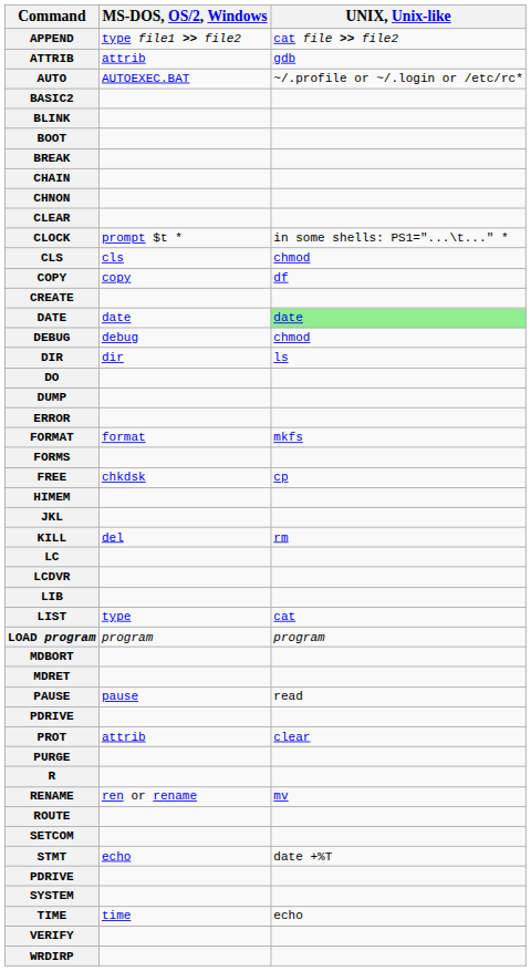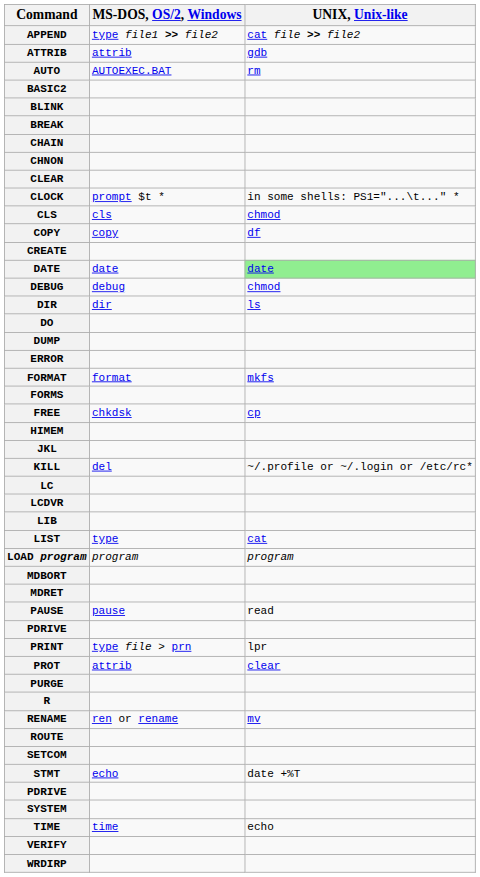 <table class="wikitable">
 <tr>
 <th>Command</th>
 <th>MS-DOS, <a href='#'>OS/2</a>, <a href='#'>Windows</a></th>
 <th>UNIX, <a href='#'>Unix-like</a></th>
 </tr>
 <tr style="font-family:monospace;">
 <th>APPEND</th>
 <td><a href='#'>type</a> <em>file1</em> <strong>>></strong> <em>file2</em></td>
 <td><a href='#'>cat</a> <em>file</em> <strong>>></strong> <em>file2</em></td>
 </tr>
 <tr style="font-family:monospace;">
 <th>ATTRIB</th>
 <td><a href='#'>attrib</a></td>
 <td><a href='#'>gdb</a></td>
 </tr>
 <tr style="font-family:monospace;">
 <th>AUTO</th>
 <td><a href='#'>AUTOEXEC.BAT</a></td>
-<td>~/.profile or ~/.login or /etc/rc*</td>
+<td><a href='#'>rm</a></td>
 </tr>
 <tr style="font-family:monospace;">
 <th>BASIC2</th>
 <td></td>
 <td></td>
 </tr>
 <tr style="font-family:monospace;">
 <th>BLINK</th>
-<td></td>
-<td></td>
-</tr>
-<tr style="font-family:monospace;">
-<th>BOOT</th>
 <td></td>
 <td></td>
 </tr>
 <tr style="font-family:monospace;">
 <th>BREAK</th>
 <td></td>
 <td></td>
 </tr>
 <tr style="font-family:monospace;">
 <th>CHAIN</th>
 <td></td>
 <td></td>
 </tr>
 <tr style="font-family:monospace;">
 <th>CHNON</th>
 <td></td>
 <td></td>
 </tr>
 <tr style="font-family:monospace;">
 <th>CLEAR</th>
 <td></td>
 <td></td>
 </tr>
 <tr style="font-family:monospace;">
 <th>CLOCK</th>
 <td><a href='#'>prompt</a> $t *</td>
 <td>in some shells: PS1="...\t..." *</td>
 </tr>
 <tr style="font-family:monospace;">
 <th>CLS</th>
 <td><a href='#'>cls</a></td>
 <td><a href='#'>chmod</a></td>
 </tr>
 <tr style="font-family:monospace;">
 <th>COPY</th>
 <td><a href='#'>copy</a></td>
 <td><a href='#'>df</a></td>
 </tr>
 <tr style="font-family:monospace;">
 <th>CREATE</th>
 <td></td>
 <td></td>
 </tr>
 <tr style="font-family:monospace;">
 <th>DATE</th>
 <td><a href='#'>date</a></td>
 <td style="background: lightgreen;"><a href='#'>date</a></td>
 </tr>
 <tr style="font-family:monospace;">
 <th>DEBUG</th>
 <td><a href='#'>debug</a></td>
 <td><a href='#'>chmod</a></td>
 </tr>
 <tr style="font-family:monospace;">
 <th>DIR</th>
 <td><a href='#'>dir</a></td>
 <td><a href='#'>ls</a></td>
 </tr>
 <tr style="font-family:monospace;">
 <th>DO</th>
 <td></td>
 <td></td>
 </tr>
 <tr style="font-family:monospace;">
 <th>DUMP</th>
 <td></td>
 <td></td>
 </tr>
 <tr style="font-family:monospace;">
 <th>ERROR</th>
 <td></td>
 <td></td>
 </tr>
 <tr style="font-family:monospace;">
 <th>FORMAT</th>
 <td><a href='#'>format</a></td>
 <td><a href='#'>mkfs</a></td>
 </tr>
 <tr style="font-family:monospace;">
 <th>FORMS</th>
 <td></td>
 <td></td>
 </tr>
 <tr style="font-family:monospace;">
 <th>FREE</th>
 <td><a href='#'>chkdsk</a></td>
 <td><a href='#'>cp</a></td>
 </tr>
 <tr style="font-family:monospace;">
 <th>HIMEM</th>
 <td></td>
 <td></td>
 </tr>
 <tr style="font-family:monospace;">
 <th>JKL</th>
 <td></td>
 <td></td>
 </tr>
 <tr style="font-family:monospace;">
 <th>KILL</th>
 <td><a href='#'>del</a></td>
-<td><a href='#'>rm</a></td>
+<td>~/.profile or ~/.login or /etc/rc*</td>
 </tr>
 <tr style="font-family:monospace;">
 <th>LC</th>
 <td></td>
 <td></td>
 </tr>
 <tr style="font-family:monospace;">
 <th>LCDVR</th>
 <td></td>
 <td></td>
 </tr>
 <tr style="font-family:monospace;">
 <th>LIB</th>
 <td></td>
 <td></td>
 </tr>
 <tr style="font-family:monospace;">
 <th>LIST</th>
 <td><a href='#'>type</a></td>
 <td><a href='#'>cat</a></td>
 </tr>
 <tr style="font-family:monospace;">
 <th>LOAD <em>program</em></th>
 <td><em>program</em></td>
 <td><em>program</em></td>
 </tr>
 <tr style="font-family:monospace;">
 <th>MDBORT</th>
 <td></td>
 <td></td>
 </tr>
 <tr style="font-family:monospace;">
 <th>MDRET</th>
 <td></td>
 <td></td>
 </tr>
 <tr style="font-family:monospace;">
 <th>PAUSE</th>
 <td><a href='#'>pause</a></td>
 <td>read</td>
 </tr>
 <tr style="font-family:monospace;">
 <th>PDRIVE</th>
 <td></td>
 <td></td>
+</tr>
+<tr style="font-family:monospace;">
+<th>PRINT</th>
+<td><a href='#'>type</a> <em>file</em> > <a href='#'>prn</a></td>
+<td>lpr</td>
 </tr>
 <tr style="font-family:monospace;">
 <th>PROT</th>
 <td><a href='#'>attrib</a></td>
 <td><a href='#'>clear</a></td>
 </tr>
 <tr style="font-family:monospace;">
 <th>PURGE</th>
 <td></td>
 <td></td>
 </tr>
 <tr style="font-family:monospace;">
 <th>R</th>
 <td></td>
 <td></td>
 </tr>
 <tr style="font-family:monospace;">
 <th>RENAME</th>
 <td><a href='#'>ren</a> or <a href='#'>rename</a></td>
 <td><a href='#'>mv</a></td>
 </tr>
 <tr style="font-family:monospace;">
 <th>ROUTE</th>
 <td></td>
 <td></td>
 </tr>
 <tr style="font-family:monospace;">
 <th>SETCOM</th>
 <td></td>
 <td></td>
 </tr>
 <tr style="font-family:monospace;">
 <th>STMT</th>
 <td><a href='#'>echo</a></td>
 <td>date +%T</td>
 </tr>
 <tr style="font-family:monospace;">
 <th>PDRIVE</th>
 <td></td>
 <td></td>
 </tr>
 <tr style="font-family:monospace;">
 <th>SYSTEM</th>
 <td></td>
 <td></td>
 </tr>
 <tr style="font-family:monospace;">
 <th>TIME</th>
 <td><a href='#'>time</a></td>
 <td>echo</td>
 </tr>
 <tr style="font-family:monospace;">
 <th>VERIFY</th>
 <td></td>
 <td></td>
 </tr>
 <tr style="font-family:monospace;">
 <th>WRDIRP</th>
 <td></td>
 <td></td>
 </tr>
 </table>
